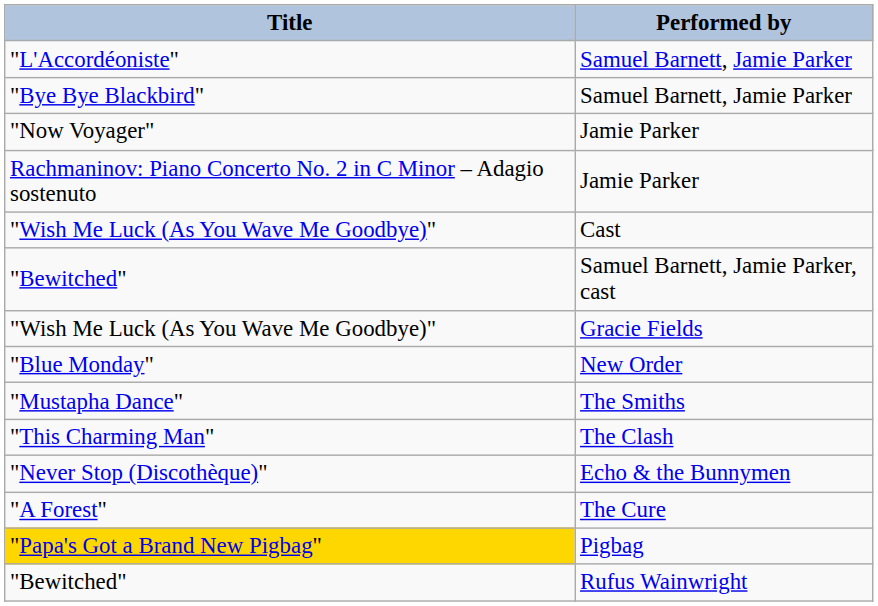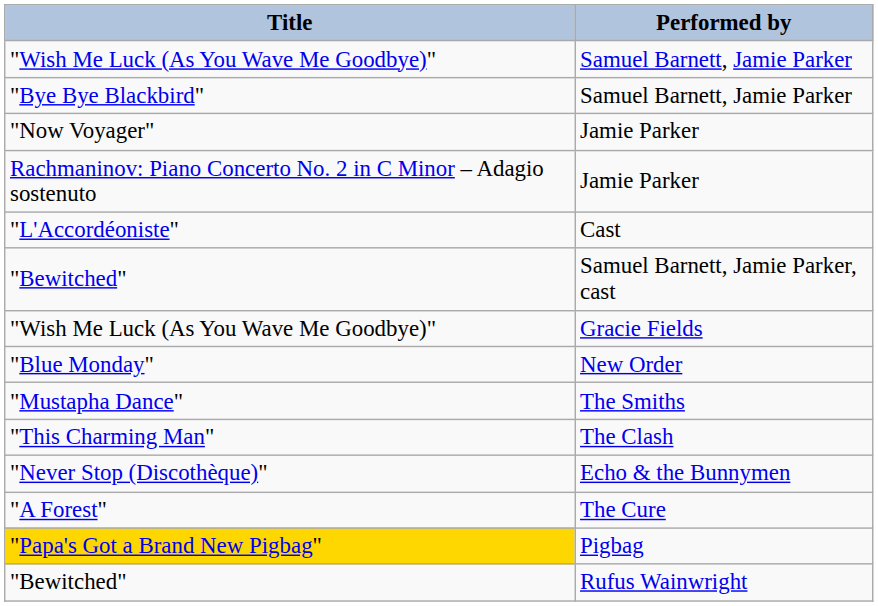 <table class="wikitable">
 <tr>
 <th style="background:#B0C4DE;">Title</th>
 <th style="background:#B0C4DE;">Performed by</th>
 </tr>
 <tr>
-<td>"<a href='#'>L'Accordéoniste</a>"</td>
+<td>"<a href='#'>Wish Me Luck (As You Wave Me Goodbye)</a>"</td>
 <td><a href='#'>Samuel Barnett</a>, <a href='#'>Jamie Parker</a></td>
 </tr>
 <tr>
 <td>"<a href='#'>Bye Bye Blackbird</a>"</td>
 <td>Samuel Barnett, Jamie Parker</td>
 </tr>
 <tr>
 <td>"Now Voyager"</td>
 <td>Jamie Parker</td>
 </tr>
 <tr>
 <td><a href='#'>Rachmaninov: Piano Concerto No. 2 in C Minor</a> – Adagio sostenuto</td>
 <td>Jamie Parker</td>
 </tr>
 <tr>
-<td>"<a href='#'>Wish Me Luck (As You Wave Me Goodbye)</a>"</td>
+<td>"<a href='#'>L'Accordéoniste</a>"</td>
 <td>Cast</td>
 </tr>
 <tr>
 <td>"<a href='#'>Bewitched</a>"</td>
 <td>Samuel Barnett, Jamie Parker, cast</td>
 </tr>
 <tr>
 <td>"Wish Me Luck (As You Wave Me Goodbye)"</td>
 <td><a href='#'>Gracie Fields</a></td>
 </tr>
 <tr>
 <td>"<a href='#'>Blue Monday</a>"</td>
 <td><a href='#'>New Order</a></td>
 </tr>
 <tr>
 <td>"<a href='#'>Mustapha Dance</a>"</td>
 <td><a href='#'>The Smiths</a></td>
 </tr>
 <tr>
 <td>"<a href='#'>This Charming Man</a>"</td>
 <td><a href='#'>The Clash</a></td>
 </tr>
 <tr>
 <td>"<a href='#'>Never Stop (Discothèque)</a>"</td>
 <td><a href='#'>Echo & the Bunnymen</a></td>
 </tr>
 <tr>
 <td>"<a href='#'>A Forest</a>"</td>
 <td><a href='#'>The Cure</a></td>
 </tr>
 <tr>
 <td style="background: gold;">"<a href='#'>Papa's Got a Brand New Pigbag</a>"</td>
 <td><a href='#'>Pigbag</a></td>
 </tr>
 <tr>
 <td>"Bewitched"</td>
 <td><a href='#'>Rufus Wainwright</a></td>
 </tr>
 </table>
